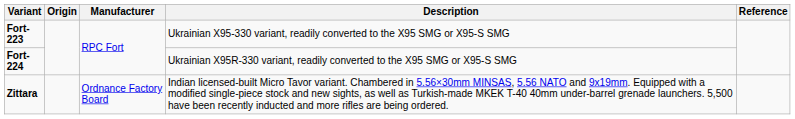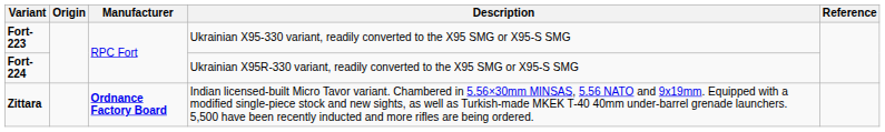 <table class="wikitable">
 <tr>
 <th>Variant</th>
 <th>Origin</th>
 <th>Manufacturer</th>
 <th>Description</th>
 <th>Reference</th>
 </tr>
 <tr>
 <td><strong>Fort-223</strong></td>
 <td rowspan="2"></td>
 <td rowspan="2"><a href='#'>RPC Fort</a></td>
 <td>Ukrainian X95-330 variant, readily converted to the X95 SMG or X95-S SMG</td>
 <td rowspan="2"></td>
 </tr>
 <tr>
 <td><strong>Fort-224</strong></td>
 <td>Ukrainian X95R-330 variant, readily converted to the X95 SMG or X95-S SMG</td>
 </tr>
 <tr>
 <td><strong>Zittara</strong></td>
 <td></td>
-<td><a href='#'>Ordnance Factory Board</a></td>
+<td><strong><a href='#'>Ordnance Factory Board</a></strong></td>
 <td>Indian licensed-built Micro Tavor variant. Chambered in <a href='#'>5.56×30mm MINSAS</a>, <a href='#'>5.56 NATO</a> and <a href='#'>9x19mm</a>. Equipped with a modified single-piece stock and new sights, as well as Turkish-made MKEK T-40 40mm under-barrel grenade launchers.  5,500 have been recently inducted and more rifles are being ordered.</td>
 <td></td>
 </tr>
 </table>
